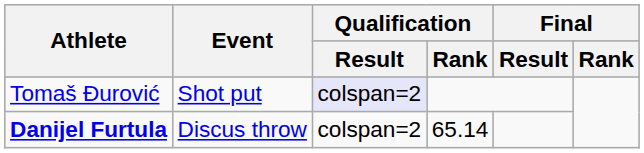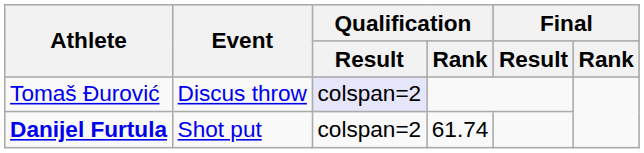 <table class="wikitable" style="text-align:center; font-size:90%">
 <tr>
 <th rowspan="2">Athlete</th>
 <th rowspan="2">Event</th>
 <th colspan="2">Qualification</th>
 <th colspan="2">Final</th>
 </tr>
 <tr>
 <th>Result</th>
 <th>Rank</th>
 <th>Result</th>
 <th>Rank</th>
 </tr>
 <tr>
 <td align="left"><a href='#'>Tomaš Đurović</a></td>
-<td align="left"><a href='#'>Shot put</a></td>
+<td align="left"><a href='#'>Discus throw</a></td>
 <td style="background: lavender;">colspan=2 </td>
 <td colspan=2><strong></strong></td>
 </tr>
 <tr>
 <td align="left"><strong><a href='#'>Danijel Furtula</a></strong></td>
-<td align="left"><a href='#'>Discus throw</a></td>
+<td align="left"><a href='#'>Shot put</a></td>
 <td>colspan=2 </td>
-<td>65.14</td>
+<td>61.74</td>
 <td><strong></strong></td>
 </tr>
 </table>
